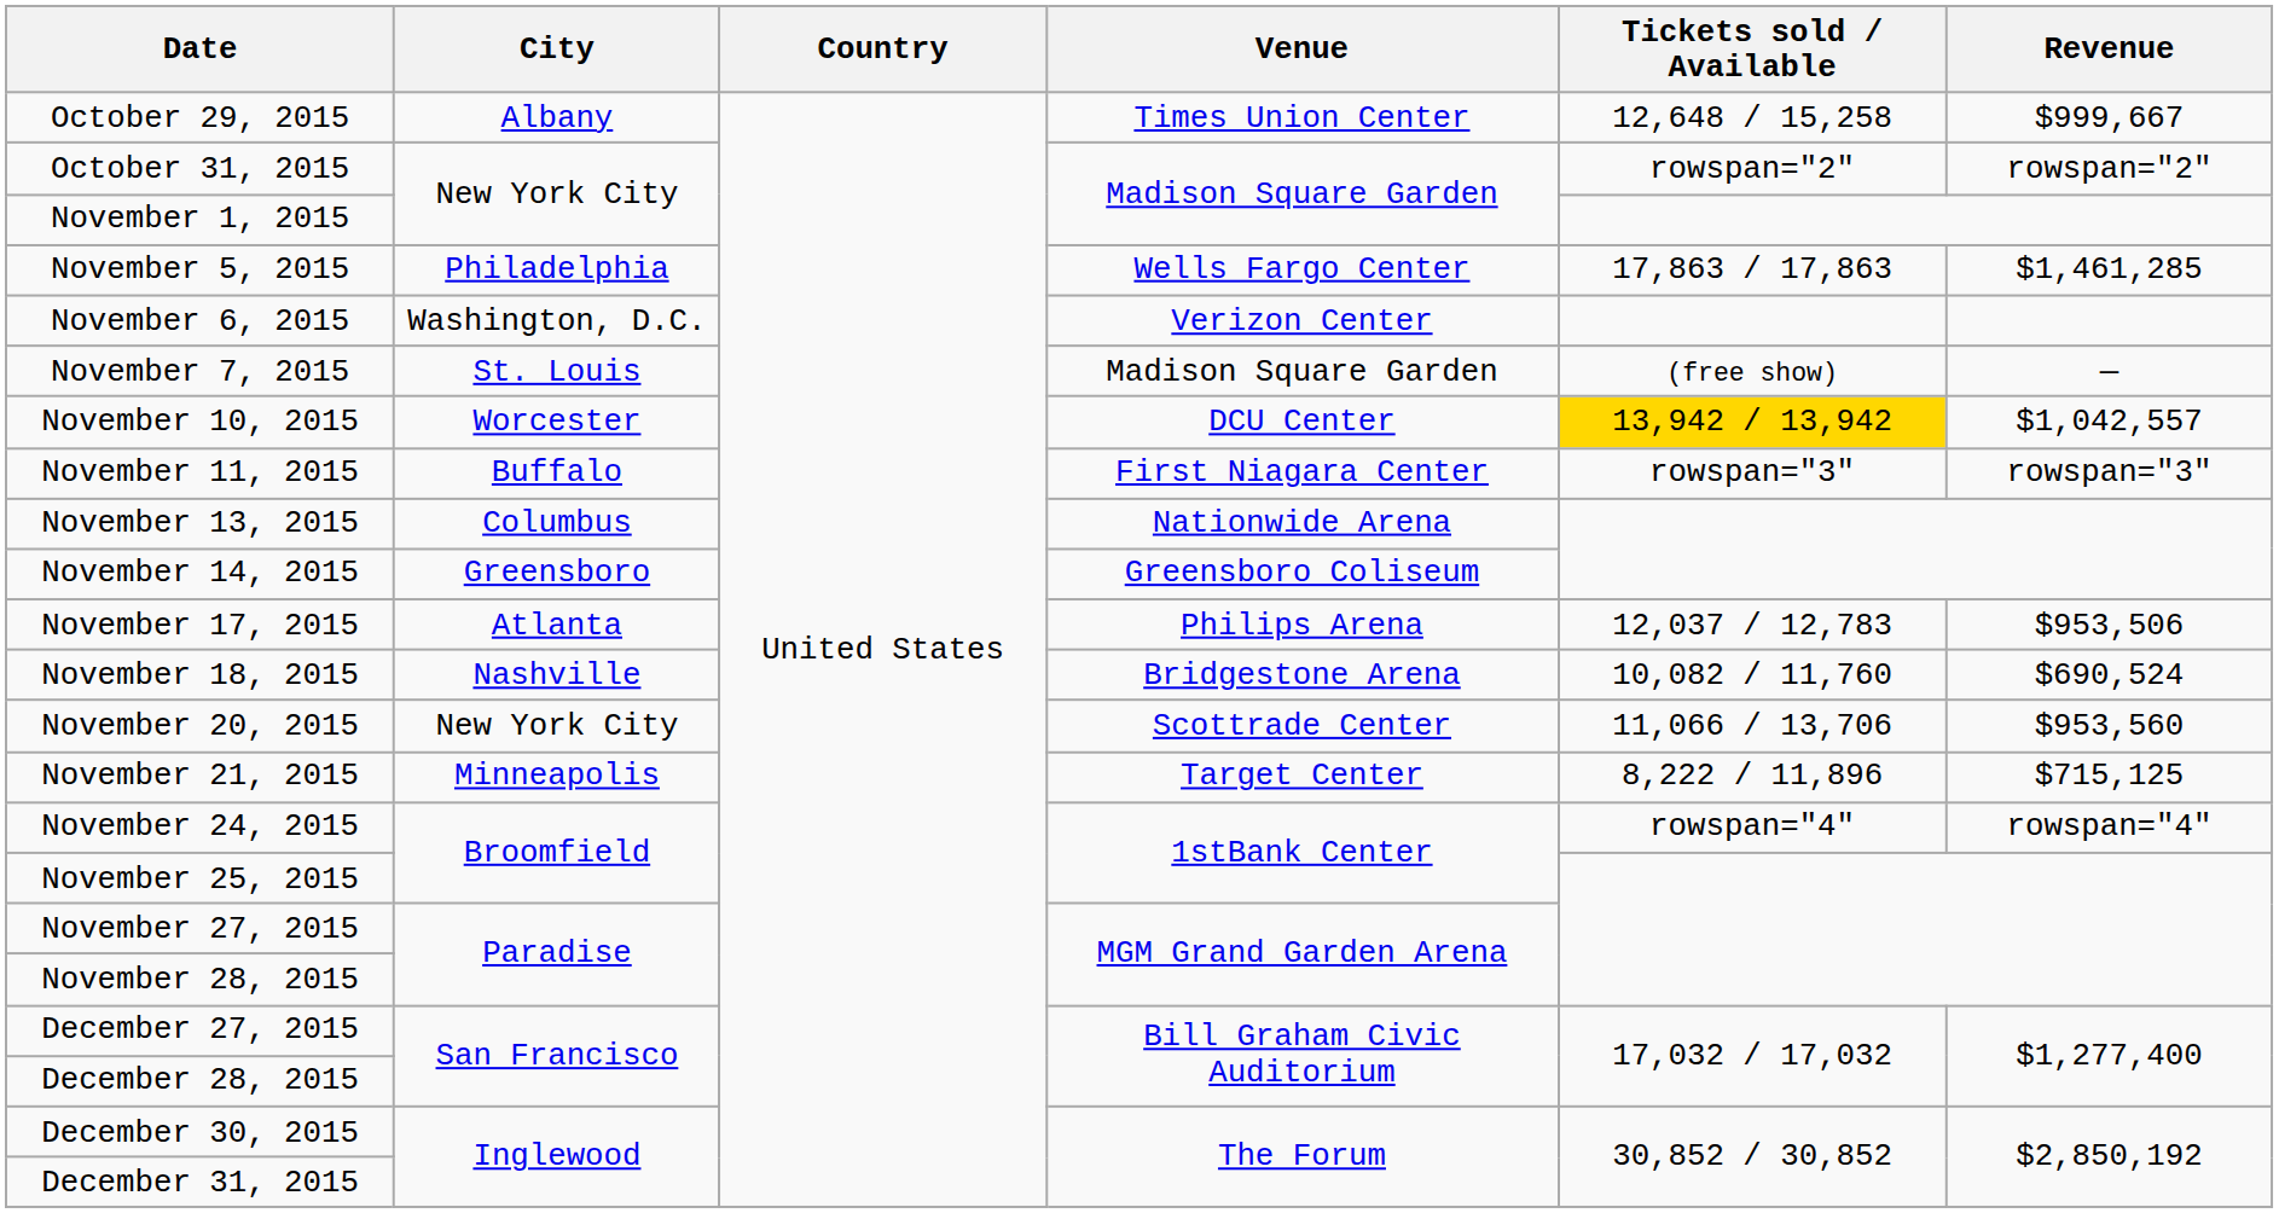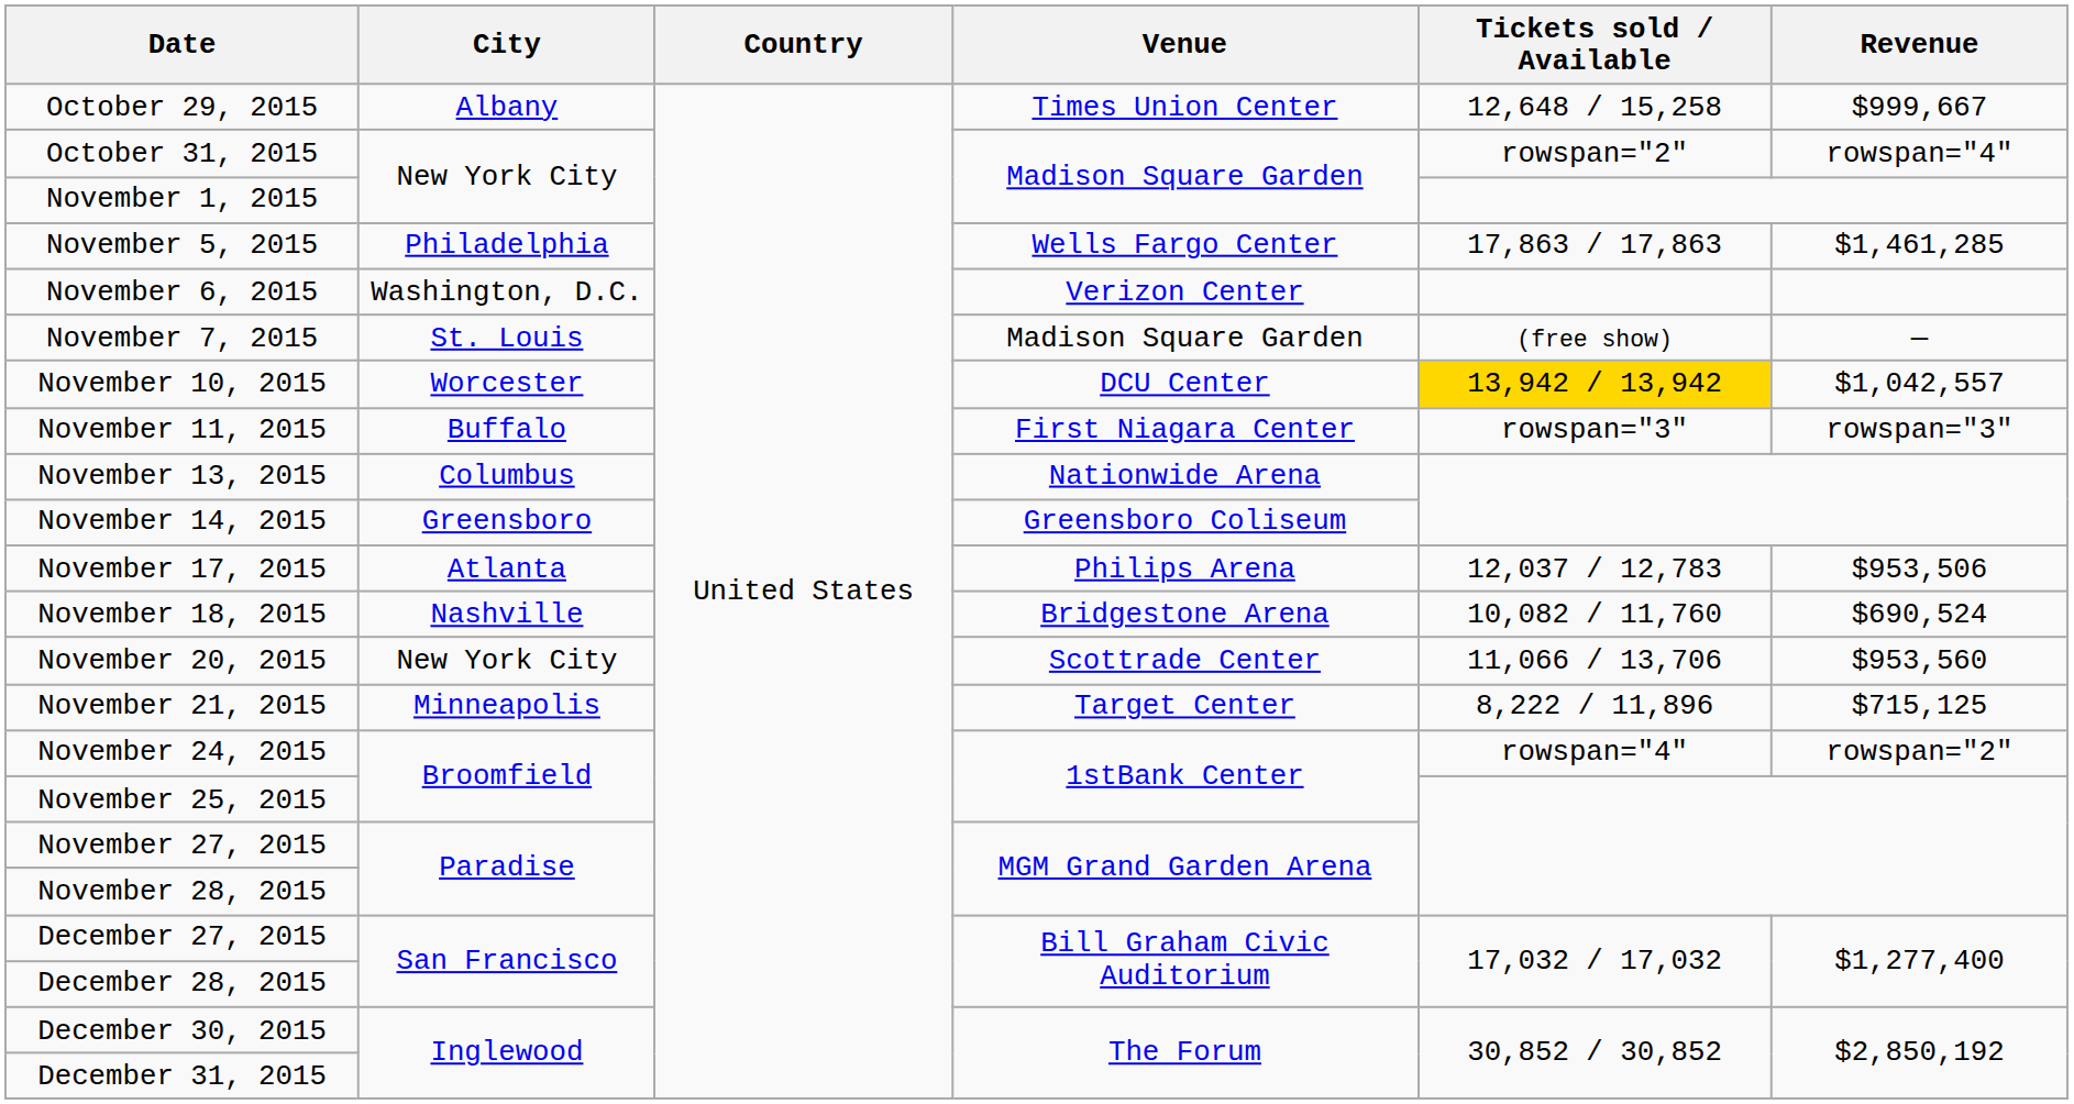 <table class="wikitable" style="text-align:center;">
 <tr>
 <th scope="col" style="width:12em;">Date</th>
 <th scope="col" style="width:10em;">City</th>
 <th scope="col" style="width:10em;">Country</th>
 <th scope="col" style="width:16em;">Venue</th>
 <th scope="col" style="width:12em;">Tickets sold / Available</th>
 <th scope="col" style="width:10em;">Revenue</th>
 </tr>
 <tr>
 <td>October 29, 2015</td>
 <td><a href='#'>Albany</a></td>
 <td rowspan="22">United States</td>
 <td><a href='#'>Times Union Center</a></td>
 <td>12,648 / 15,258</td>
 <td>$999,667 </td>
 </tr>
 <tr>
 <td>October 31, 2015</td>
 <td rowspan="2">New York City</td>
 <td rowspan="2"><a href='#'>Madison Square Garden</a></td>
 <td>rowspan="2" </td>
-<td>rowspan="2" </td>
+<td>rowspan="4" </td>
 </tr>
 <tr>
 <td>November 1, 2015</td>
 </tr>
 <tr>
 <td>November 5, 2015</td>
 <td><a href='#'>Philadelphia</a></td>
 <td><a href='#'>Wells Fargo Center</a></td>
 <td>17,863 / 17,863</td>
 <td>$1,461,285 </td>
 </tr>
 <tr>
 <td>November 6, 2015</td>
 <td>Washington, D.C.</td>
 <td><a href='#'>Verizon Center</a></td>
 <td></td>
 <td></td>
 </tr>
 <tr>
 <td>November 7, 2015</td>
 <td><a href='#'>St. Louis</a></td>
 <td>Madison Square Garden</td>
 <td><small>(free show)</small></td>
 <td>—</td>
 </tr>
 <tr>
 <td>November 10, 2015</td>
 <td><a href='#'>Worcester</a></td>
 <td><a href='#'>DCU Center</a></td>
 <td style="background: gold;">13,942 / 13,942</td>
 <td>$1,042,557 </td>
 </tr>
 <tr>
 <td>November 11, 2015</td>
 <td><a href='#'>Buffalo</a></td>
 <td><a href='#'>First Niagara Center</a></td>
 <td>rowspan="3" </td>
 <td>rowspan="3" </td>
 </tr>
 <tr>
 <td>November 13, 2015</td>
 <td><a href='#'>Columbus</a></td>
 <td><a href='#'>Nationwide Arena</a></td>
 </tr>
 <tr>
 <td>November 14, 2015</td>
 <td><a href='#'>Greensboro</a></td>
 <td><a href='#'>Greensboro Coliseum</a></td>
 </tr>
 <tr>
 <td>November 17, 2015</td>
 <td><a href='#'>Atlanta</a></td>
 <td><a href='#'>Philips Arena</a></td>
 <td>12,037 / 12,783</td>
 <td>$953,506 </td>
 </tr>
 <tr>
 <td>November 18, 2015</td>
 <td><a href='#'>Nashville</a></td>
 <td><a href='#'>Bridgestone Arena</a></td>
 <td>10,082 / 11,760</td>
 <td>$690,524 </td>
 </tr>
 <tr>
 <td>November 20, 2015</td>
 <td>New York City</td>
 <td><a href='#'>Scottrade Center</a></td>
 <td>11,066 / 13,706</td>
 <td>$953,560 </td>
 </tr>
 <tr>
 <td>November 21, 2015</td>
 <td><a href='#'>Minneapolis</a></td>
 <td><a href='#'>Target Center</a></td>
 <td>8,222 / 11,896</td>
 <td>$715,125 </td>
 </tr>
 <tr>
 <td>November 24, 2015</td>
 <td rowspan="2"><a href='#'>Broomfield</a></td>
 <td rowspan="2"><a href='#'>1stBank Center</a></td>
 <td>rowspan="4" </td>
-<td>rowspan="4" </td>
+<td>rowspan="2" </td>
 </tr>
 <tr>
 <td>November 25, 2015</td>
 </tr>
 <tr>
 <td>November 27, 2015</td>
 <td rowspan="2"><a href='#'>Paradise</a></td>
 <td rowspan="2"><a href='#'>MGM Grand Garden Arena</a></td>
 </tr>
 <tr>
 <td>November 28, 2015</td>
 </tr>
 <tr>
 <td>December 27, 2015</td>
 <td rowspan="2"><a href='#'>San Francisco</a></td>
 <td rowspan="2"><a href='#'>Bill Graham Civic Auditorium</a></td>
 <td rowspan="2">17,032 / 17,032</td>
 <td rowspan="2">$1,277,400 </td>
 </tr>
 <tr>
 <td>December 28, 2015</td>
 </tr>
 <tr>
 <td>December 30, 2015</td>
 <td rowspan="2"><a href='#'>Inglewood</a></td>
 <td rowspan="2"><a href='#'>The Forum</a></td>
 <td rowspan="2">30,852 / 30,852</td>
 <td rowspan="2">$2,850,192 </td>
 </tr>
 <tr>
 <td>December 31, 2015</td>
 </tr>
 </table>
